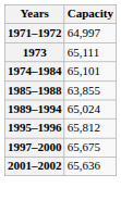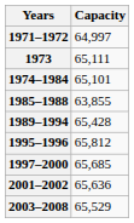 <table class="wikitable">
 <tr>
 <th scope="row">Years</th>
 <th scope="row">Capacity</th>
 </tr>
 <tr>
 <th scope="row">1971–1972</th>
 <td>64,997</td>
 </tr>
 <tr>
 <th scope="row">1973</th>
 <td>65,111</td>
 </tr>
 <tr>
 <th scope="row">1974–1984</th>
 <td>65,101</td>
 </tr>
 <tr>
 <th scope="row">1985–1988</th>
 <td>63,855</td>
 </tr>
 <tr>
 <th scope="row">1989–1994</th>
-<td>65,024</td>
+<td>65,428</td>
 </tr>
 <tr>
 <th scope="row">1995–1996</th>
 <td>65,812</td>
 </tr>
 <tr>
 <th scope="row">1997–2000</th>
-<td>65,675</td>
+<td>65,685</td>
 </tr>
 <tr>
 <th scope="row">2001–2002</th>
 <td>65,636</td>
 </tr>
+<tr>
+<th scope="row">2003–2008</th>
+<td>65,529</td>
+</tr>
 </table>
